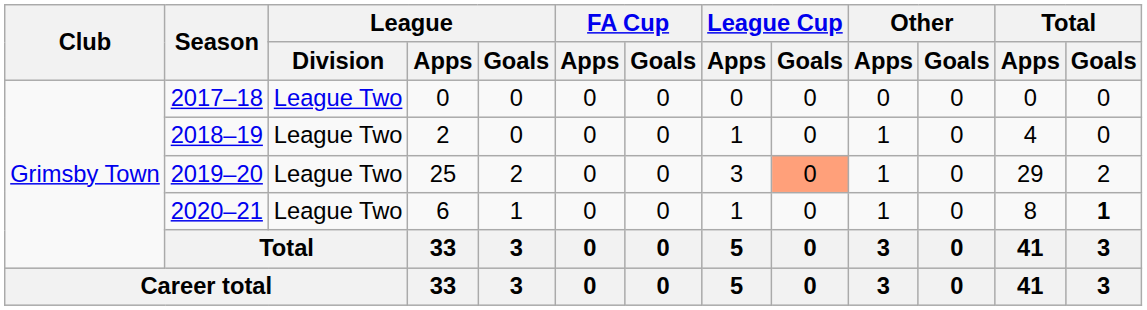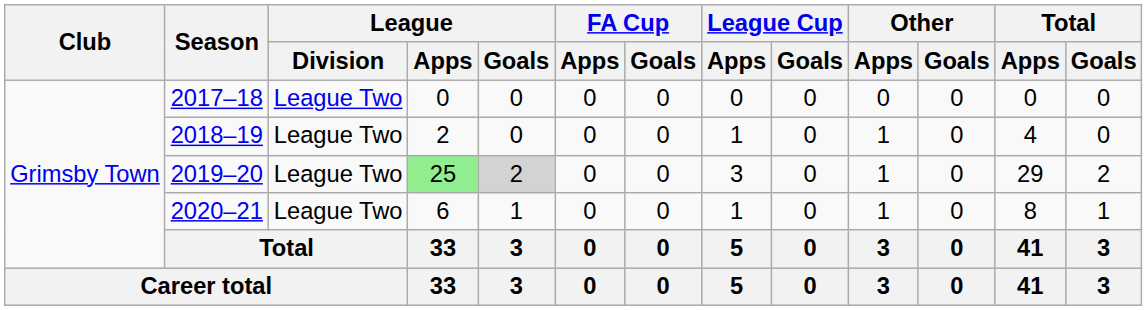 <table class="wikitable" style="text-align:center">
 <tr>
 <th rowspan="2">Club</th>
 <th rowspan="2">Season</th>
 <th colspan="3">League</th>
 <th colspan="2"><a href='#'>FA Cup</a></th>
 <th colspan="2"><a href='#'>League Cup</a></th>
 <th colspan="2">Other</th>
 <th colspan="2">Total</th>
 </tr>
 <tr>
 <th>Division</th>
 <th>Apps</th>
 <th>Goals</th>
 <th>Apps</th>
 <th>Goals</th>
 <th>Apps</th>
 <th>Goals</th>
 <th>Apps</th>
 <th>Goals</th>
 <th>Apps</th>
 <th>Goals</th>
 </tr>
 <tr>
 <td rowspan="5"><a href='#'>Grimsby Town</a></td>
 <td><a href='#'>2017–18</a></td>
 <td><a href='#'>League Two</a></td>
 <td>0</td>
 <td>0</td>
 <td>0</td>
 <td>0</td>
 <td>0</td>
 <td>0</td>
 <td>0</td>
 <td>0</td>
 <td>0</td>
 <td>0</td>
 </tr>
 <tr>
 <td><a href='#'>2018–19</a></td>
 <td>League Two</td>
 <td>2</td>
 <td>0</td>
 <td>0</td>
 <td>0</td>
 <td>1</td>
 <td>0</td>
 <td>1</td>
 <td>0</td>
 <td>4</td>
 <td>0</td>
 </tr>
 <tr>
 <td><a href='#'>2019–20</a></td>
 <td>League Two</td>
-<td>25</td>
-<td>2</td>
+<td style="background: lightgreen;">25</td>
+<td style="background: lightgrey;">2</td>
 <td>0</td>
 <td>0</td>
 <td>3</td>
-<td style="background: lightsalmon;">0</td>
+<td>0</td>
 <td>1</td>
 <td>0</td>
 <td>29</td>
 <td>2</td>
 </tr>
 <tr>
 <td><a href='#'>2020–21</a></td>
 <td>League Two</td>
 <td>6</td>
 <td>1</td>
 <td>0</td>
 <td>0</td>
 <td>1</td>
 <td>0</td>
 <td>1</td>
 <td>0</td>
 <td>8</td>
-<td><strong>1</strong></td>
+<td>1</td>
 </tr>
 <tr>
 <th colspan=2>Total</th>
 <th>33</th>
 <th>3</th>
 <th>0</th>
 <th>0</th>
 <th>5</th>
 <th>0</th>
 <th>3</th>
 <th>0</th>
 <th>41</th>
 <th>3</th>
 </tr>
 <tr>
 <th colspan="3">Career total</th>
 <th>33</th>
 <th>3</th>
 <th>0</th>
 <th>0</th>
 <th>5</th>
 <th>0</th>
 <th>3</th>
 <th>0</th>
 <th>41</th>
 <th>3</th>
 </tr>
 </table>
